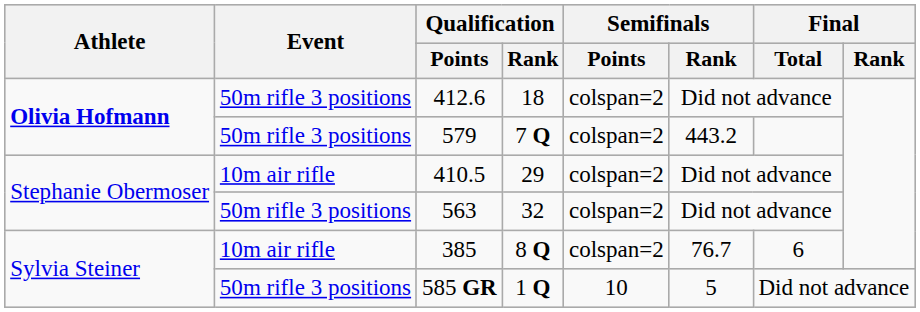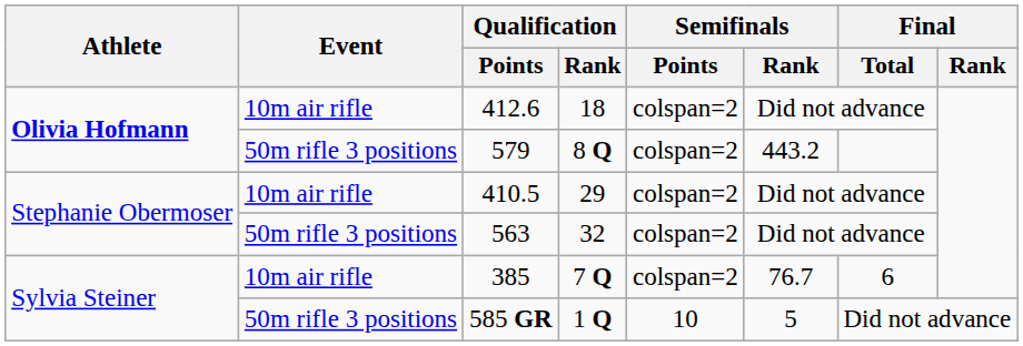 <table class="wikitable" style="font-size:90%">
 <tr>
 <th rowspan="2">Athlete</th>
 <th rowspan="2">Event</th>
 <th colspan=2>Qualification</th>
 <th colspan=2>Semifinals</th>
 <th colspan=2>Final</th>
 </tr>
 <tr style="font-size:95%">
 <th>Points</th>
 <th>Rank</th>
 <th>Points</th>
 <th>Rank</th>
 <th>Total</th>
 <th>Rank</th>
 </tr>
 <tr align=center>
 <td align=left rowspan=2><strong><a href='#'>Olivia Hofmann</a></strong></td>
-<td align=left><a href='#'>50m rifle 3 positions</a></td>
+<td align=left><a href='#'>10m air rifle</a></td>
 <td>412.6</td>
 <td>18</td>
 <td>colspan=2 </td>
 <td colspan=2>Did not advance</td>
 </tr>
 <tr align=center>
 <td align=left><a href='#'>50m rifle 3 positions</a></td>
 <td>579</td>
-<td>7 <strong>Q</strong></td>
+<td>8 <strong>Q</strong></td>
 <td>colspan=2 </td>
 <td>443.2</td>
 <td></td>
 </tr>
 <tr align=center>
 <td align=left rowspan=2><a href='#'>Stephanie Obermoser</a></td>
 <td align=left><a href='#'>10m air rifle</a></td>
 <td>410.5</td>
 <td>29</td>
 <td>colspan=2 </td>
 <td colspan=2>Did not advance</td>
 </tr>
 <tr align=center>
 <td align=left><a href='#'>50m rifle 3 positions</a></td>
 <td>563</td>
 <td>32</td>
 <td>colspan=2 </td>
 <td colspan=2>Did not advance</td>
 </tr>
 <tr align=center>
 <td align=left rowspan=2><a href='#'>Sylvia Steiner</a></td>
 <td align=left><a href='#'>10m air rifle</a></td>
 <td>385</td>
-<td>8 <strong>Q</strong></td>
+<td>7 <strong>Q</strong></td>
 <td>colspan=2 </td>
 <td>76.7</td>
 <td>6</td>
 </tr>
 <tr align=center>
 <td align=left><a href='#'>50m rifle 3 positions</a></td>
 <td>585 <strong>GR</strong></td>
 <td>1 <strong>Q</strong></td>
 <td>10</td>
 <td>5</td>
 <td colspan=2>Did not advance</td>
 </tr>
 </table>
